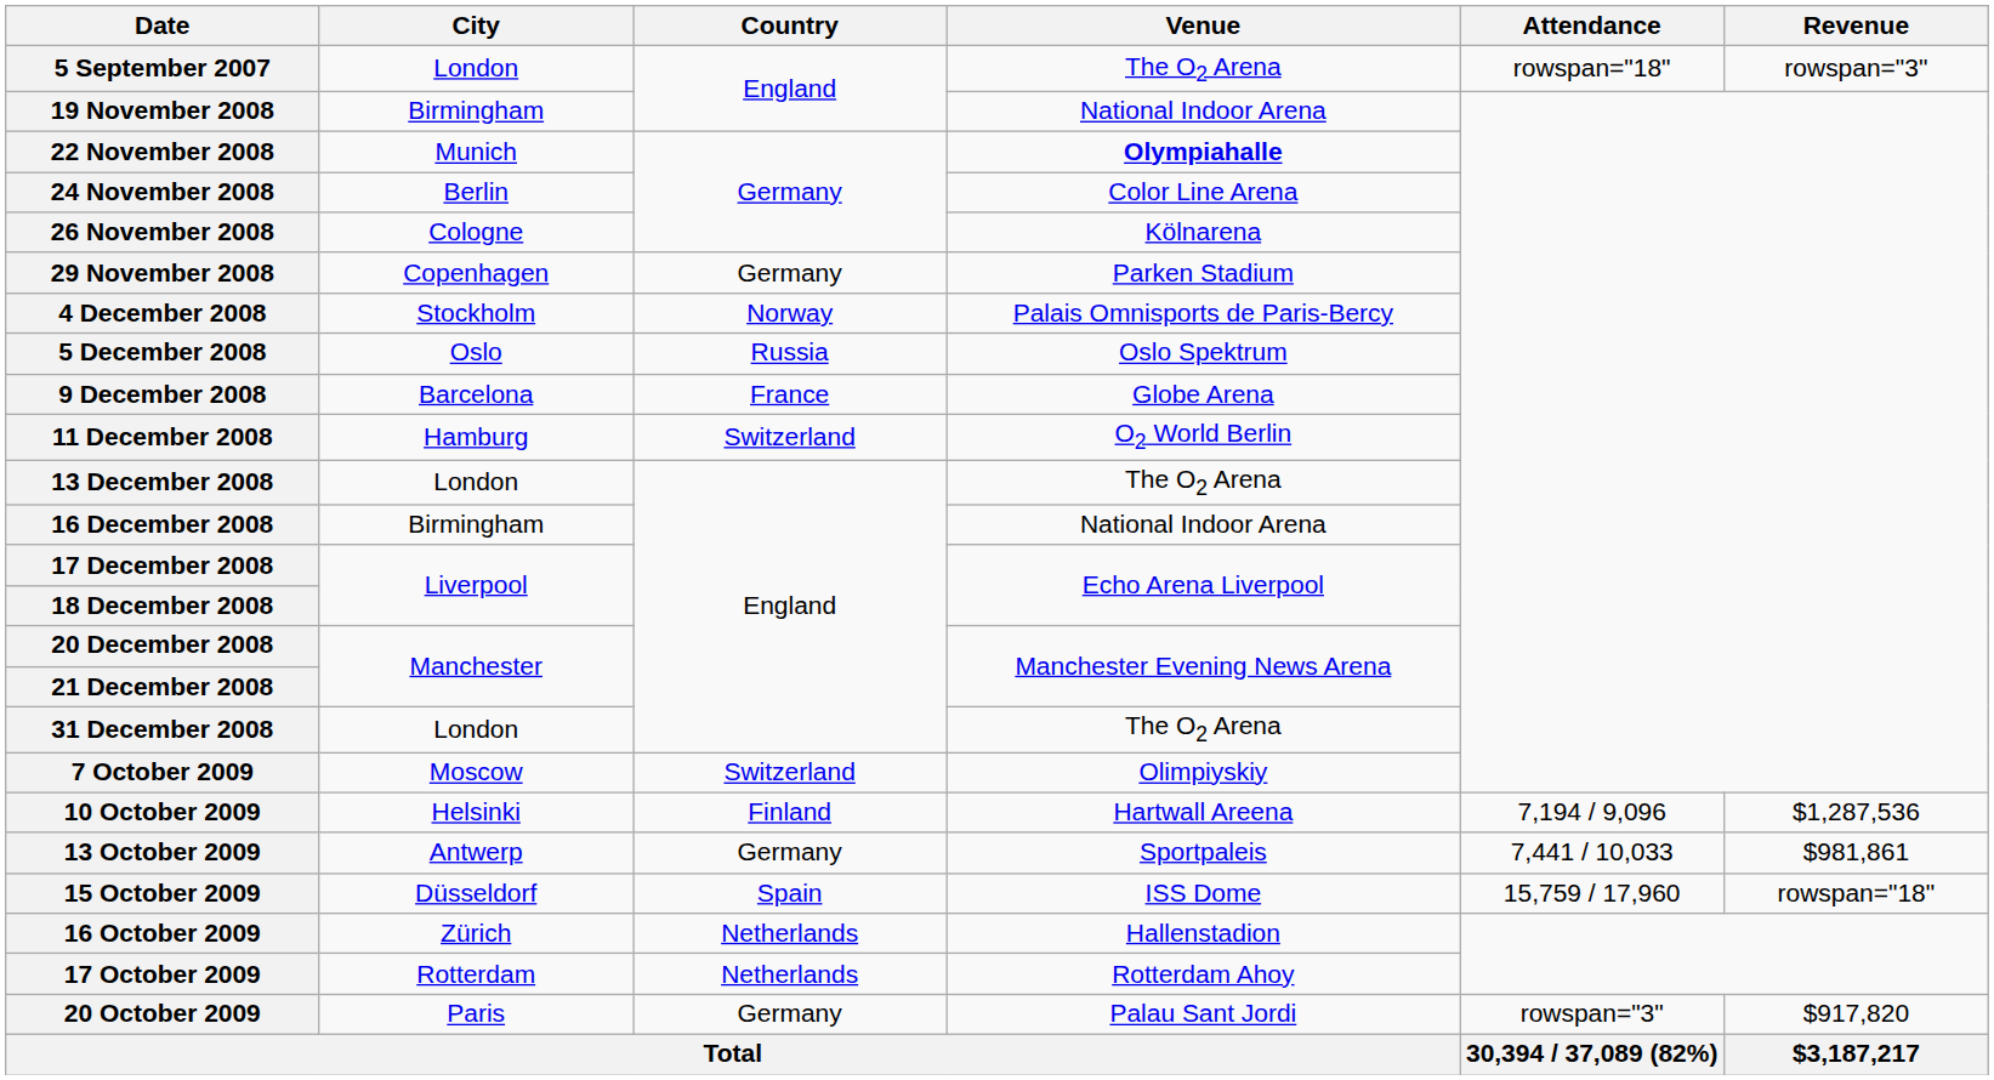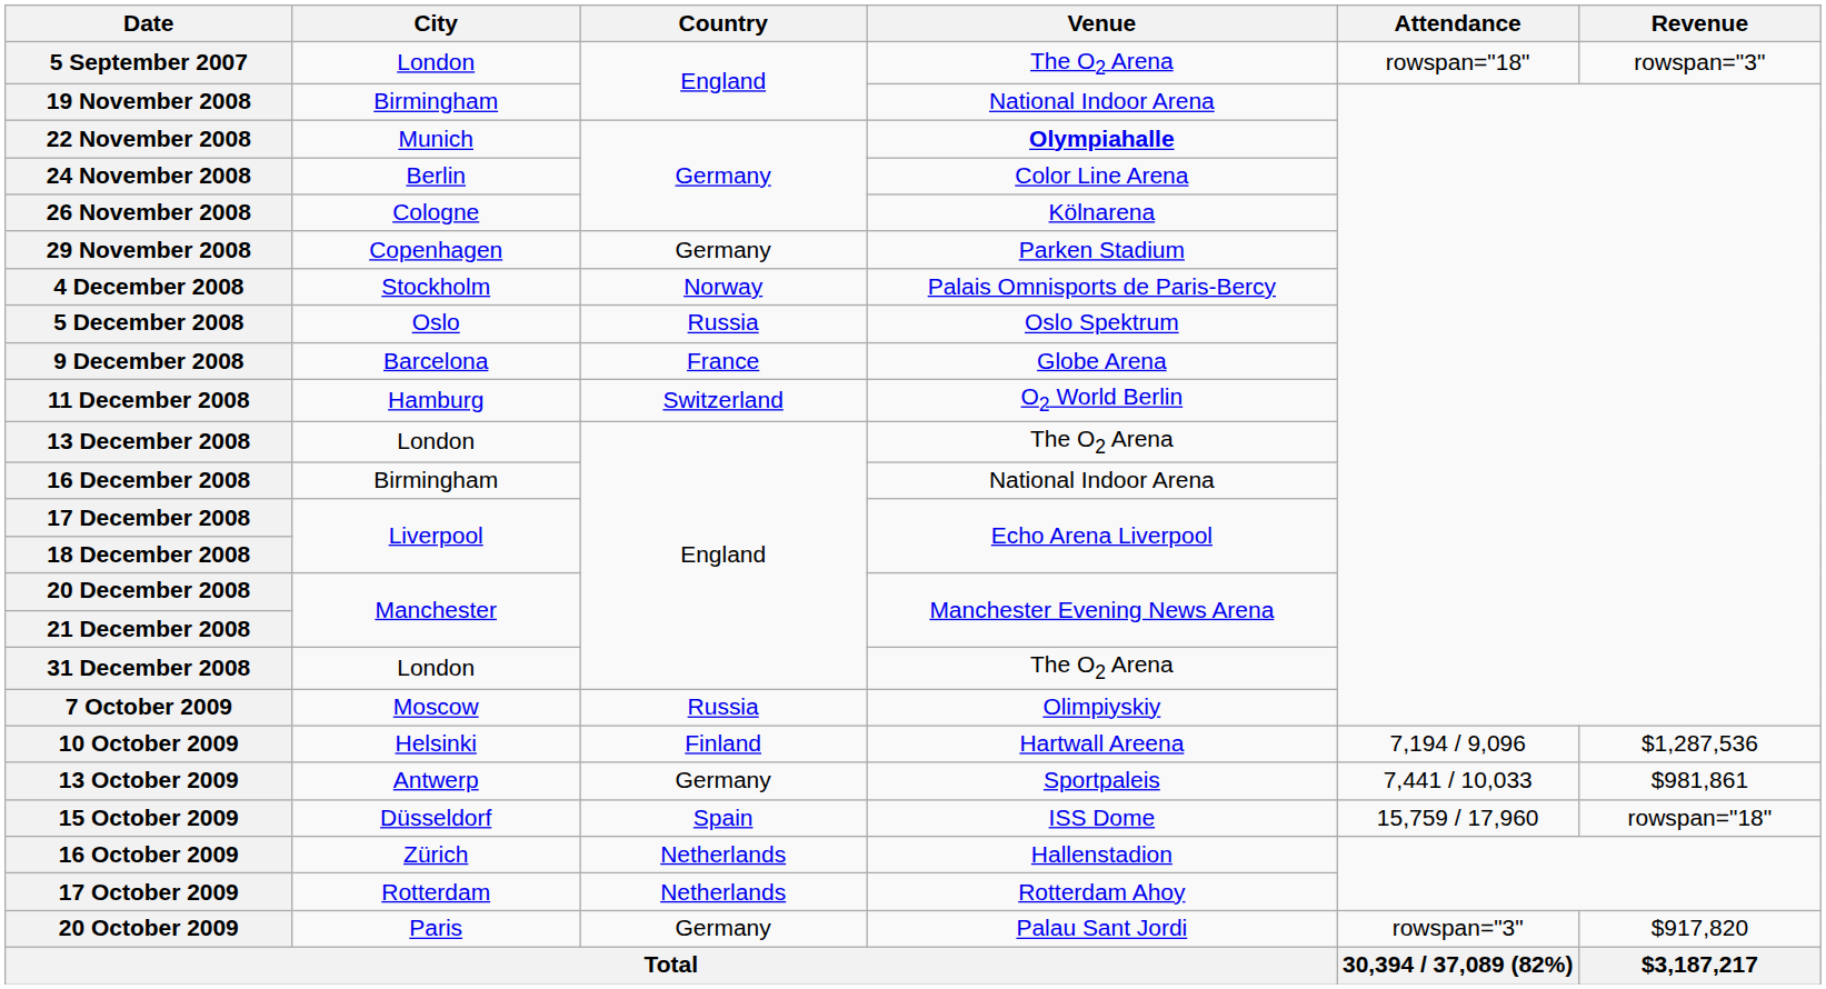 <table class="wikitable plainrowheaders" style="text-align:center;">
 <tr>
 <th scope="col" style="width:12em;">Date</th>
 <th scope="col" style="width:12em;">City</th>
 <th scope="col" style="width:12em;">Country</th>
 <th scope="col" style="width:20em;">Venue</th>
 <th scope="col" style="width:10em;">Attendance</th>
 <th scope="col" style="width:10em;">Revenue</th>
 </tr>
 <tr>
 <th scope="row">5 September 2007</th>
 <td><a href='#'>London</a></td>
 <td rowspan="2"><a href='#'>England</a></td>
 <td><a href='#'>The O<sub>2</sub> Arena</a></td>
 <td>rowspan="18" </td>
 <td>rowspan="3" </td>
 </tr>
 <tr>
 <th scope="row">19 November 2008</th>
 <td><a href='#'>Birmingham</a></td>
 <td><a href='#'>National Indoor Arena</a></td>
 </tr>
 <tr>
 <th scope="row">22 November 2008</th>
 <td><a href='#'>Munich</a></td>
 <td rowspan="3"><a href='#'>Germany</a></td>
 <td><strong><a href='#'>Olympiahalle</a></strong></td>
 </tr>
 <tr>
 <th scope="row">24 November 2008</th>
 <td><a href='#'>Berlin</a></td>
 <td><a href='#'>Color Line Arena</a></td>
 </tr>
 <tr>
 <th scope="row">26 November 2008</th>
 <td><a href='#'>Cologne</a></td>
 <td><a href='#'>Kölnarena</a></td>
 </tr>
 <tr>
 <th scope="row">29 November 2008</th>
 <td><a href='#'>Copenhagen</a></td>
 <td>Germany</td>
 <td><a href='#'>Parken Stadium</a></td>
 </tr>
 <tr>
 <th scope="row">4 December 2008</th>
 <td><a href='#'>Stockholm</a></td>
 <td><a href='#'>Norway</a></td>
 <td><a href='#'>Palais Omnisports de Paris-Bercy</a></td>
 </tr>
 <tr>
 <th scope="row">5 December 2008</th>
 <td><a href='#'>Oslo</a></td>
 <td><a href='#'>Russia</a></td>
 <td><a href='#'>Oslo Spektrum</a></td>
 </tr>
 <tr>
 <th scope="row">9 December 2008</th>
 <td><a href='#'>Barcelona</a></td>
 <td><a href='#'>France</a></td>
 <td><a href='#'>Globe Arena</a></td>
 </tr>
 <tr>
 <th scope="row">11 December 2008</th>
 <td><a href='#'>Hamburg</a></td>
 <td><a href='#'>Switzerland</a></td>
 <td><a href='#'>O<sub>2</sub> World Berlin</a></td>
 </tr>
 <tr>
 <th scope="row">13 December 2008</th>
 <td>London</td>
 <td rowspan="7">England</td>
 <td>The O<sub>2</sub> Arena</td>
 </tr>
 <tr>
 <th scope="row">16 December 2008</th>
 <td>Birmingham</td>
 <td>National Indoor Arena</td>
 </tr>
 <tr>
 <th scope="row">17 December 2008</th>
 <td rowspan="2"><a href='#'>Liverpool</a></td>
 <td rowspan="2"><a href='#'>Echo Arena Liverpool</a></td>
 </tr>
 <tr>
 <th scope="row">18 December 2008</th>
 </tr>
 <tr>
 <th scope="row">20 December 2008</th>
 <td rowspan="2"><a href='#'>Manchester</a></td>
 <td rowspan="2"><a href='#'>Manchester Evening News Arena</a></td>
 </tr>
 <tr>
 <th scope="row">21 December 2008</th>
 </tr>
 <tr>
 <th scope="row">31 December 2008</th>
 <td>London</td>
 <td>The O<sub>2</sub> Arena</td>
 </tr>
 <tr>
 <th scope="row">7 October 2009</th>
 <td><a href='#'>Moscow</a></td>
-<td><a href='#'>Switzerland</a></td>
+<td><a href='#'>Russia</a></td>
 <td><a href='#'>Olimpiyskiy</a></td>
 </tr>
 <tr>
 <th scope="row">10 October 2009</th>
 <td><a href='#'>Helsinki</a></td>
 <td><a href='#'>Finland</a></td>
 <td><a href='#'>Hartwall Areena</a></td>
 <td>7,194 / 9,096</td>
 <td>$1,287,536</td>
 </tr>
 <tr>
 <th scope="row">13 October 2009</th>
 <td><a href='#'>Antwerp</a></td>
 <td>Germany</td>
 <td><a href='#'>Sportpaleis</a></td>
 <td>7,441 / 10,033</td>
 <td>$981,861</td>
 </tr>
 <tr>
 <th scope="row">15 October 2009</th>
 <td><a href='#'>Düsseldorf</a></td>
 <td><a href='#'>Spain</a></td>
 <td><a href='#'>ISS Dome</a></td>
 <td>15,759 / 17,960</td>
 <td>rowspan="18" </td>
 </tr>
 <tr>
 <th scope="row">16 October 2009</th>
 <td><a href='#'>Zürich</a></td>
 <td><a href='#'>Netherlands</a></td>
 <td><a href='#'>Hallenstadion</a></td>
 </tr>
 <tr>
 <th scope="row">17 October 2009</th>
 <td><a href='#'>Rotterdam</a></td>
 <td><a href='#'>Netherlands</a></td>
 <td><a href='#'>Rotterdam Ahoy</a></td>
 </tr>
 <tr>
 <th scope="row">20 October 2009</th>
 <td><a href='#'>Paris</a></td>
 <td>Germany</td>
 <td><a href='#'>Palau Sant Jordi</a></td>
 <td>rowspan="3" </td>
 <td>$917,820</td>
 </tr>
 <tr>
 <th colspan="4">Total</th>
 <th>30,394 / 37,089 (82%)</th>
 <th>$3,187,217</th>
 </tr>
 </table>
